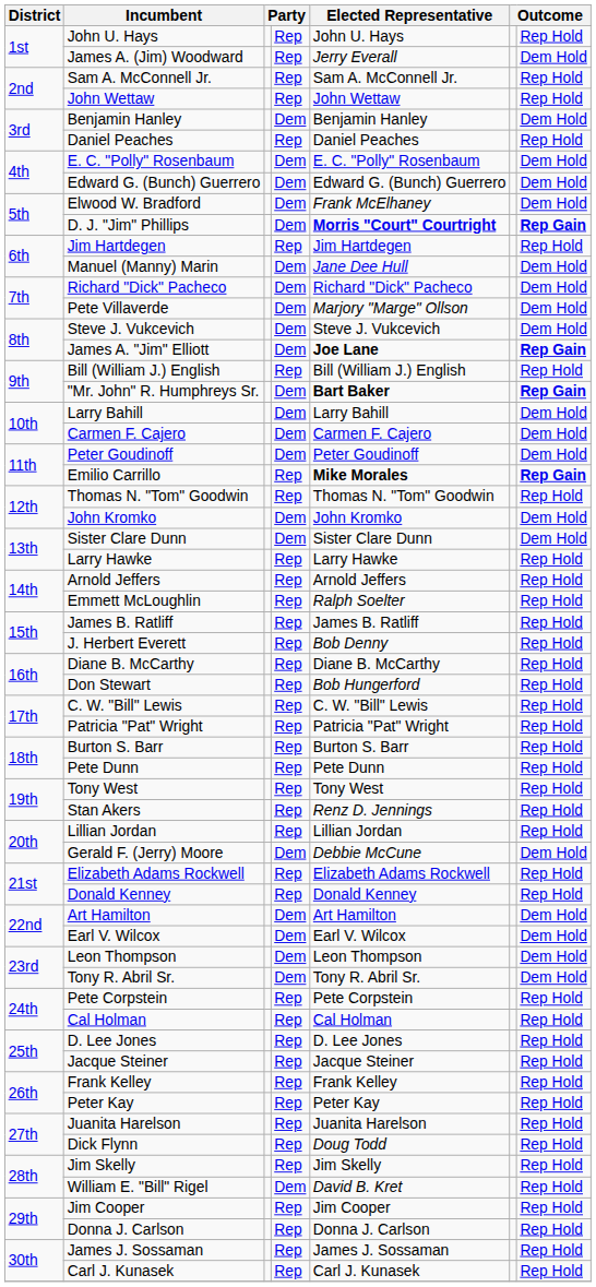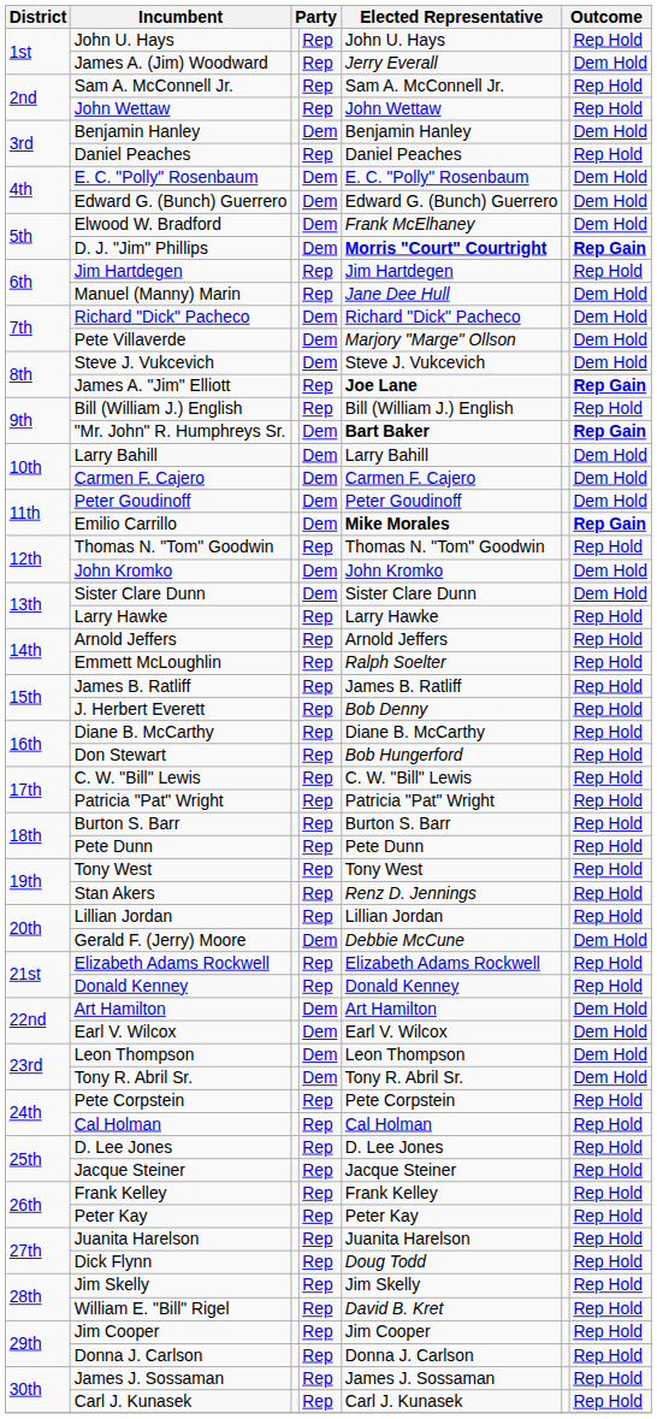 <table class="sortable wikitable" style="font-size:95%;line-height:14px;">
 <tr>
 <th>District</th>
 <th>Incumbent</th>
 <th colspan="2">Party</th>
 <th>Elected Representative</th>
 <th colspan="2">Outcome</th>
 </tr>
 <tr>
 <td rowspan="2"><a href='#'>1st</a></td>
 <td>John U. Hays</td>
 <td style="background:"></td>
 <td><a href='#'>Rep</a></td>
 <td>John U. Hays</td>
 <td style="background:"></td>
 <td><a href='#'>Rep Hold</a></td>
 </tr>
 <tr>
 <td>James A. (Jim) Woodward</td>
 <td style="background:"></td>
 <td><a href='#'>Rep</a></td>
 <td><em>Jerry Everall</em></td>
 <td style="background:"></td>
 <td><a href='#'>Dem Hold</a></td>
 </tr>
 <tr>
 <td rowspan="2"><a href='#'>2nd</a></td>
 <td>Sam A. McConnell Jr.</td>
 <td style="background:"></td>
 <td><a href='#'>Rep</a></td>
 <td>Sam A. McConnell Jr.</td>
 <td style="background:"></td>
 <td><a href='#'>Rep Hold</a></td>
 </tr>
 <tr>
 <td><a href='#'>John Wettaw</a></td>
 <td style="background:"></td>
 <td><a href='#'>Rep</a></td>
 <td><a href='#'>John Wettaw</a></td>
 <td style="background:"></td>
 <td><a href='#'>Rep Hold</a></td>
 </tr>
 <tr>
 <td rowspan="2"><a href='#'>3rd</a></td>
 <td>Benjamin Hanley</td>
 <td style="background:"></td>
 <td><a href='#'>Dem</a></td>
 <td>Benjamin Hanley</td>
 <td style="background:"></td>
 <td><a href='#'>Dem Hold</a></td>
 </tr>
 <tr>
 <td>Daniel Peaches</td>
 <td style="background:"></td>
 <td><a href='#'>Rep</a></td>
 <td>Daniel Peaches</td>
 <td style="background:"></td>
 <td><a href='#'>Rep Hold</a></td>
 </tr>
 <tr>
 <td rowspan="2"><a href='#'>4th</a></td>
 <td><a href='#'>E. C. "Polly" Rosenbaum</a></td>
 <td style="background:"></td>
 <td><a href='#'>Dem</a></td>
 <td><a href='#'>E. C. "Polly" Rosenbaum</a></td>
 <td style="background:"></td>
 <td><a href='#'>Dem Hold</a></td>
 </tr>
 <tr>
 <td>Edward G. (Bunch) Guerrero</td>
 <td style="background:"></td>
 <td><a href='#'>Dem</a></td>
 <td>Edward G. (Bunch) Guerrero</td>
 <td style="background:"></td>
 <td><a href='#'>Dem Hold</a></td>
 </tr>
 <tr>
 <td rowspan="2"><a href='#'>5th</a></td>
 <td>Elwood W. Bradford</td>
 <td style="background:"></td>
 <td><a href='#'>Dem</a></td>
 <td><em>Frank McElhaney</em></td>
 <td style="background:"></td>
 <td><a href='#'>Dem Hold</a></td>
 </tr>
 <tr>
 <td>D. J. "Jim" Phillips</td>
 <td style="background:"></td>
 <td><a href='#'>Dem</a></td>
 <td><strong><a href='#'>Morris "Court" Courtright</a></strong></td>
 <td style="background:"></td>
 <td><strong><a href='#'>Rep Gain</a></strong></td>
 </tr>
 <tr>
 <td rowspan="2"><a href='#'>6th</a></td>
 <td><a href='#'>Jim Hartdegen</a></td>
 <td style="background:"></td>
 <td><a href='#'>Rep</a></td>
 <td><a href='#'>Jim Hartdegen</a></td>
 <td style="background:"></td>
 <td><a href='#'>Rep Hold</a></td>
 </tr>
 <tr>
 <td>Manuel (Manny) Marin</td>
 <td style="background:"></td>
-<td><a href='#'>Dem</a></td>
+<td><a href='#'>Rep</a></td>
 <td><em><a href='#'>Jane Dee Hull</a></em></td>
 <td style="background:"></td>
 <td><a href='#'>Dem Hold</a></td>
 </tr>
 <tr>
 <td rowspan="2"><a href='#'>7th</a></td>
 <td><a href='#'>Richard "Dick" Pacheco</a></td>
 <td style="background:"></td>
 <td><a href='#'>Dem</a></td>
 <td><a href='#'>Richard "Dick" Pacheco</a></td>
 <td style="background:"></td>
 <td><a href='#'>Dem Hold</a></td>
 </tr>
 <tr>
 <td>Pete Villaverde</td>
 <td style="background:"></td>
 <td><a href='#'>Dem</a></td>
 <td><em>Marjory "Marge" Ollson</em></td>
 <td style="background:"></td>
 <td><a href='#'>Dem Hold</a></td>
 </tr>
 <tr>
 <td rowspan="2"><a href='#'>8th</a></td>
 <td>Steve J. Vukcevich</td>
 <td style="background:"></td>
 <td><a href='#'>Dem</a></td>
 <td>Steve J. Vukcevich</td>
 <td style="background:"></td>
 <td><a href='#'>Dem Hold</a></td>
 </tr>
 <tr>
 <td>James A. "Jim" Elliott</td>
 <td style="background:"></td>
-<td><a href='#'>Dem</a></td>
+<td><a href='#'>Rep</a></td>
 <td><strong>Joe Lane</strong></td>
 <td style="background:"></td>
 <td><strong><a href='#'>Rep Gain</a></strong></td>
 </tr>
 <tr>
 <td rowspan="2"><a href='#'>9th</a></td>
 <td>Bill (William J.) English</td>
 <td style="background:"></td>
 <td><a href='#'>Rep</a></td>
 <td>Bill (William J.) English</td>
 <td style="background:"></td>
 <td><a href='#'>Rep Hold</a></td>
 </tr>
 <tr>
 <td>"Mr. John" R. Humphreys Sr.</td>
 <td style="background:"></td>
 <td><a href='#'>Dem</a></td>
 <td><strong>Bart Baker</strong></td>
 <td style="background:"></td>
 <td><strong><a href='#'>Rep Gain</a></strong></td>
 </tr>
 <tr>
 <td rowspan="2"><a href='#'>10th</a></td>
 <td>Larry Bahill</td>
 <td style="background:"></td>
 <td><a href='#'>Dem</a></td>
 <td>Larry Bahill</td>
 <td style="background:"></td>
 <td><a href='#'>Dem Hold</a></td>
 </tr>
 <tr>
 <td><a href='#'>Carmen F. Cajero</a></td>
 <td style="background:"></td>
 <td><a href='#'>Dem</a></td>
 <td><a href='#'>Carmen F. Cajero</a></td>
 <td style="background:"></td>
 <td><a href='#'>Dem Hold</a></td>
 </tr>
 <tr>
 <td rowspan="2"><a href='#'>11th</a></td>
 <td><a href='#'>Peter Goudinoff</a></td>
 <td style="background:"></td>
 <td><a href='#'>Dem</a></td>
 <td><a href='#'>Peter Goudinoff</a></td>
 <td style="background:"></td>
 <td><a href='#'>Dem Hold</a></td>
 </tr>
 <tr>
 <td>Emilio Carrillo</td>
 <td style="background:"></td>
-<td><a href='#'>Rep</a></td>
+<td><a href='#'>Dem</a></td>
 <td><strong>Mike Morales</strong></td>
 <td style="background:"></td>
 <td><strong><a href='#'>Rep Gain</a></strong></td>
 </tr>
 <tr>
 <td rowspan="2"><a href='#'>12th</a></td>
 <td>Thomas N. "Tom" Goodwin</td>
 <td style="background:"></td>
 <td><a href='#'>Rep</a></td>
 <td>Thomas N. "Tom" Goodwin</td>
 <td style="background:"></td>
 <td><a href='#'>Rep Hold</a></td>
 </tr>
 <tr>
 <td><a href='#'>John Kromko</a></td>
 <td style="background:"></td>
 <td><a href='#'>Dem</a></td>
 <td><a href='#'>John Kromko</a></td>
 <td style="background:"></td>
 <td><a href='#'>Dem Hold</a></td>
 </tr>
 <tr>
 <td rowspan="2"><a href='#'>13th</a></td>
 <td>Sister Clare Dunn</td>
 <td style="background:"></td>
 <td><a href='#'>Dem</a></td>
 <td>Sister Clare Dunn</td>
 <td style="background:"></td>
 <td><a href='#'>Dem Hold</a></td>
 </tr>
 <tr>
 <td>Larry Hawke</td>
 <td style="background:"></td>
 <td><a href='#'>Rep</a></td>
 <td>Larry Hawke</td>
 <td style="background:"></td>
 <td><a href='#'>Rep Hold</a></td>
 </tr>
 <tr>
 <td rowspan="2"><a href='#'>14th</a></td>
 <td>Arnold Jeffers</td>
 <td style="background:"></td>
 <td><a href='#'>Rep</a></td>
 <td>Arnold Jeffers</td>
 <td style="background:"></td>
 <td><a href='#'>Rep Hold</a></td>
 </tr>
 <tr>
 <td>Emmett McLoughlin</td>
 <td style="background:"></td>
 <td><a href='#'>Rep</a></td>
 <td><em>Ralph Soelter</em></td>
 <td style="background:"></td>
 <td><a href='#'>Rep Hold</a></td>
 </tr>
 <tr>
 <td rowspan="2"><a href='#'>15th</a></td>
 <td>James B. Ratliff</td>
 <td style="background:"></td>
 <td><a href='#'>Rep</a></td>
 <td>James B. Ratliff</td>
 <td style="background:"></td>
 <td><a href='#'>Rep Hold</a></td>
 </tr>
 <tr>
 <td>J. Herbert Everett</td>
 <td style="background:"></td>
 <td><a href='#'>Rep</a></td>
 <td><em>Bob Denny</em></td>
 <td style="background:"></td>
 <td><a href='#'>Rep Hold</a></td>
 </tr>
 <tr>
 <td rowspan="2"><a href='#'>16th</a></td>
 <td>Diane B. McCarthy</td>
 <td style="background:"></td>
 <td><a href='#'>Rep</a></td>
 <td>Diane B. McCarthy</td>
 <td style="background:"></td>
 <td><a href='#'>Rep Hold</a></td>
 </tr>
 <tr>
 <td>Don Stewart</td>
 <td style="background:"></td>
 <td><a href='#'>Rep</a></td>
 <td><em>Bob Hungerford</em></td>
 <td style="background:"></td>
 <td><a href='#'>Rep Hold</a></td>
 </tr>
 <tr>
 <td rowspan="2"><a href='#'>17th</a></td>
 <td>C. W. "Bill" Lewis</td>
 <td style="background:"></td>
 <td><a href='#'>Rep</a></td>
 <td>C. W. "Bill" Lewis</td>
 <td style="background:"></td>
 <td><a href='#'>Rep Hold</a></td>
 </tr>
 <tr>
 <td>Patricia "Pat" Wright</td>
 <td style="background:"></td>
 <td><a href='#'>Rep</a></td>
 <td>Patricia "Pat" Wright</td>
 <td style="background:"></td>
 <td><a href='#'>Rep Hold</a></td>
 </tr>
 <tr>
 <td rowspan="2"><a href='#'>18th</a></td>
 <td>Burton S. Barr</td>
 <td style="background:"></td>
 <td><a href='#'>Rep</a></td>
 <td>Burton S. Barr</td>
 <td style="background:"></td>
 <td><a href='#'>Rep Hold</a></td>
 </tr>
 <tr>
 <td>Pete Dunn</td>
 <td style="background:"></td>
 <td><a href='#'>Rep</a></td>
 <td>Pete Dunn</td>
 <td style="background:"></td>
 <td><a href='#'>Rep Hold</a></td>
 </tr>
 <tr>
 <td rowspan="2"><a href='#'>19th</a></td>
 <td>Tony West</td>
 <td style="background:"></td>
 <td><a href='#'>Rep</a></td>
 <td>Tony West</td>
 <td style="background:"></td>
 <td><a href='#'>Rep Hold</a></td>
 </tr>
 <tr>
 <td>Stan Akers</td>
 <td style="background:"></td>
 <td><a href='#'>Rep</a></td>
 <td><em>Renz D. Jennings</em></td>
 <td style="background:"></td>
 <td><a href='#'>Rep Hold</a></td>
 </tr>
 <tr>
 <td rowspan="2"><a href='#'>20th</a></td>
 <td>Lillian Jordan</td>
 <td style="background:"></td>
 <td><a href='#'>Rep</a></td>
 <td>Lillian Jordan</td>
 <td style="background:"></td>
 <td><a href='#'>Rep Hold</a></td>
 </tr>
 <tr>
 <td>Gerald F. (Jerry) Moore</td>
 <td style="background:"></td>
 <td><a href='#'>Dem</a></td>
 <td><em>Debbie McCune</em></td>
 <td style="background:"></td>
 <td><a href='#'>Dem Hold</a></td>
 </tr>
 <tr>
 <td rowspan="2"><a href='#'>21st</a></td>
 <td><a href='#'>Elizabeth Adams Rockwell</a></td>
 <td style="background:"></td>
 <td><a href='#'>Rep</a></td>
 <td><a href='#'>Elizabeth Adams Rockwell</a></td>
 <td style="background:"></td>
 <td><a href='#'>Rep Hold</a></td>
 </tr>
 <tr>
 <td><a href='#'>Donald Kenney</a></td>
 <td style="background:"></td>
 <td><a href='#'>Rep</a></td>
 <td><a href='#'>Donald Kenney</a></td>
 <td style="background:"></td>
 <td><a href='#'>Rep Hold</a></td>
 </tr>
 <tr>
 <td rowspan="2"><a href='#'>22nd</a></td>
 <td><a href='#'>Art Hamilton</a></td>
 <td style="background:"></td>
 <td><a href='#'>Dem</a></td>
 <td><a href='#'>Art Hamilton</a></td>
 <td style="background:"></td>
 <td><a href='#'>Dem Hold</a></td>
 </tr>
 <tr>
 <td>Earl V. Wilcox</td>
 <td style="background:"></td>
 <td><a href='#'>Dem</a></td>
 <td>Earl V. Wilcox</td>
 <td style="background:"></td>
 <td><a href='#'>Dem Hold</a></td>
 </tr>
 <tr>
 <td rowspan="2"><a href='#'>23rd</a></td>
 <td>Leon Thompson</td>
 <td style="background:"></td>
 <td><a href='#'>Dem</a></td>
 <td>Leon Thompson</td>
 <td style="background:"></td>
 <td><a href='#'>Dem Hold</a></td>
 </tr>
 <tr>
 <td>Tony R. Abril Sr.</td>
 <td style="background:"></td>
 <td><a href='#'>Dem</a></td>
 <td>Tony R. Abril Sr.</td>
 <td style="background:"></td>
 <td><a href='#'>Dem Hold</a></td>
 </tr>
 <tr>
 <td rowspan="2"><a href='#'>24th</a></td>
 <td>Pete Corpstein</td>
 <td style="background:"></td>
 <td><a href='#'>Rep</a></td>
 <td>Pete Corpstein</td>
 <td style="background:"></td>
 <td><a href='#'>Rep Hold</a></td>
 </tr>
 <tr>
 <td><a href='#'>Cal Holman</a></td>
 <td style="background:"></td>
 <td><a href='#'>Rep</a></td>
 <td><a href='#'>Cal Holman</a></td>
 <td style="background:"></td>
 <td><a href='#'>Rep Hold</a></td>
 </tr>
 <tr>
 <td rowspan="2"><a href='#'>25th</a></td>
 <td>D. Lee Jones</td>
 <td style="background:"></td>
 <td><a href='#'>Rep</a></td>
 <td>D. Lee Jones</td>
 <td style="background:"></td>
 <td><a href='#'>Rep Hold</a></td>
 </tr>
 <tr>
 <td>Jacque Steiner</td>
 <td style="background:"></td>
 <td><a href='#'>Rep</a></td>
 <td>Jacque Steiner</td>
 <td style="background:"></td>
 <td><a href='#'>Rep Hold</a></td>
 </tr>
 <tr>
 <td rowspan="2"><a href='#'>26th</a></td>
 <td>Frank Kelley</td>
 <td style="background:"></td>
 <td><a href='#'>Rep</a></td>
 <td>Frank Kelley</td>
 <td style="background:"></td>
 <td><a href='#'>Rep Hold</a></td>
 </tr>
 <tr>
 <td>Peter Kay</td>
 <td style="background:"></td>
 <td><a href='#'>Rep</a></td>
 <td>Peter Kay</td>
 <td style="background:"></td>
 <td><a href='#'>Rep Hold</a></td>
 </tr>
 <tr>
 <td rowspan="2"><a href='#'>27th</a></td>
 <td>Juanita Harelson</td>
 <td style="background:"></td>
 <td><a href='#'>Rep</a></td>
 <td>Juanita Harelson</td>
 <td style="background:"></td>
 <td><a href='#'>Rep Hold</a></td>
 </tr>
 <tr>
 <td>Dick Flynn</td>
 <td style="background:"></td>
 <td><a href='#'>Rep</a></td>
 <td><em>Doug Todd</em></td>
 <td style="background:"></td>
 <td><a href='#'>Rep Hold</a></td>
 </tr>
 <tr>
 <td rowspan="2"><a href='#'>28th</a></td>
 <td>Jim Skelly</td>
 <td style="background:"></td>
 <td><a href='#'>Rep</a></td>
 <td>Jim Skelly</td>
 <td style="background:"></td>
 <td><a href='#'>Rep Hold</a></td>
 </tr>
 <tr>
 <td>William E. "Bill" Rigel</td>
 <td style="background:"></td>
-<td><a href='#'>Dem</a></td>
+<td><a href='#'>Rep</a></td>
 <td><em>David B. Kret</em></td>
 <td style="background:"></td>
 <td><a href='#'>Rep Hold</a></td>
 </tr>
 <tr>
 <td rowspan="2"><a href='#'>29th</a></td>
 <td>Jim Cooper</td>
 <td style="background:"></td>
 <td><a href='#'>Rep</a></td>
 <td>Jim Cooper</td>
 <td style="background:"></td>
 <td><a href='#'>Rep Hold</a></td>
 </tr>
 <tr>
 <td>Donna J. Carlson</td>
 <td style="background:"></td>
 <td><a href='#'>Rep</a></td>
 <td>Donna J. Carlson</td>
 <td style="background:"></td>
 <td><a href='#'>Rep Hold</a></td>
 </tr>
 <tr>
 <td rowspan="2"><a href='#'>30th</a></td>
 <td>James J. Sossaman</td>
 <td style="background:"></td>
 <td><a href='#'>Rep</a></td>
 <td>James J. Sossaman</td>
 <td style="background:"></td>
 <td><a href='#'>Rep Hold</a></td>
 </tr>
 <tr>
 <td>Carl J. Kunasek</td>
 <td style="background:"></td>
 <td><a href='#'>Rep</a></td>
 <td>Carl J. Kunasek</td>
 <td style="background:"></td>
 <td><a href='#'>Rep Hold</a></td>
 </tr>
 <tr>
 </tr>
 </table>
